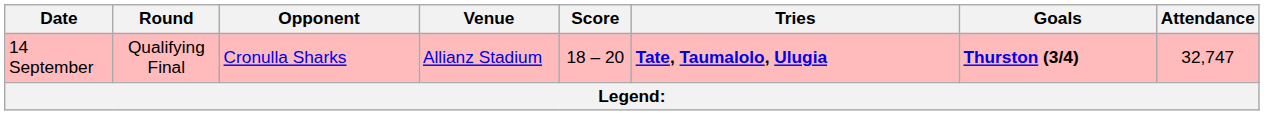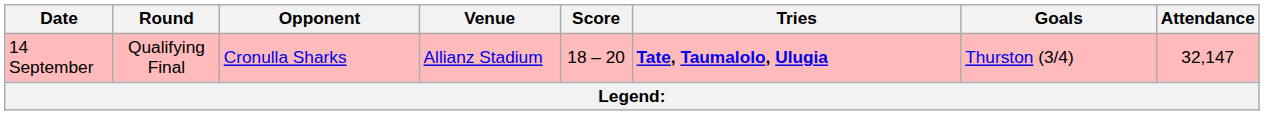 <table class="wikitable" style="font-size:75%;">
 <tr>
 <th style="width:75px;">Date</th>
 <th style="width:75px;">Round</th>
 <th style="width:170px;">Opponent</th>
 <th style="width:115px;">Venue</th>
 <th style="width:50px;">Score</th>
 <th style="width:300px;">Tries</th>
 <th style="width:170px;">Goals</th>
 <th style="width:60px;">Attendance</th>
 </tr>
 <tr style="background:#FFBBBB">
 <td>14 September</td>
 <td style="text-align:center;">Qualifying Final</td>
 <td> <a href='#'>Cronulla Sharks</a></td>
 <td><a href='#'>Allianz Stadium</a></td>
 <td style="text-align:center;">18 – 20</td>
 <td><strong><a href='#'>Tate</a>, <a href='#'>Taumalolo</a>, <a href='#'>Ulugia</a></strong></td>
-<td><strong><a href='#'>Thurston</a> (3/4)</strong></td>
-<td style="text-align:center;">32,747</td>
+<td><a href='#'>Thurston</a> (3/4)</td>
+<td style="text-align:center;">32,147</td>
 </tr>
 <tr>
 <th colspan="11"><strong>Legend</strong>:    </th>
 </tr>
 </table>
